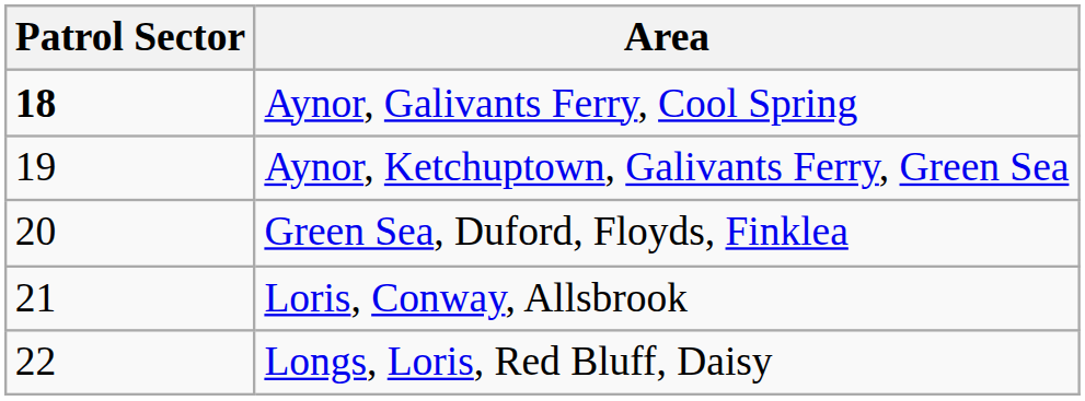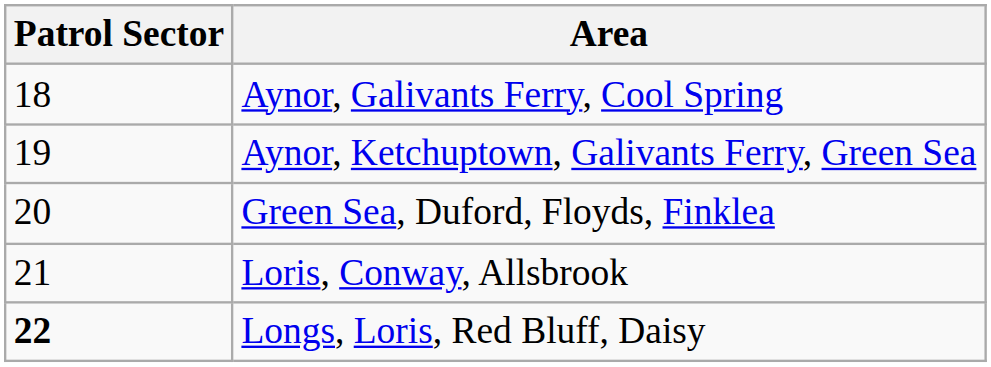 <table class=wikitable>
 <tr style="background:#ccc;">
 <th><strong> Patrol Sector</strong></th>
 <th><strong>Area</strong></th>
 </tr>
 <tr>
-<td><strong>18</strong></td>
+<td>18</td>
 <td><a href='#'>Aynor</a>, <a href='#'>Galivants Ferry</a>, <a href='#'>Cool Spring</a></td>
 </tr>
 <tr>
 <td>19</td>
 <td><a href='#'>Aynor</a>, <a href='#'>Ketchuptown</a>, <a href='#'>Galivants Ferry</a>, <a href='#'>Green Sea</a></td>
 </tr>
 <tr>
 <td>20</td>
 <td><a href='#'>Green Sea</a>, Duford, Floyds, <a href='#'>Finklea</a></td>
 </tr>
 <tr>
 <td>21</td>
 <td><a href='#'>Loris</a>, <a href='#'>Conway</a>, Allsbrook</td>
 </tr>
 <tr>
-<td>22</td>
+<td><strong>22</strong></td>
 <td><a href='#'>Longs</a>, <a href='#'>Loris</a>, Red Bluff, Daisy</td>
 </tr>
 </table>
